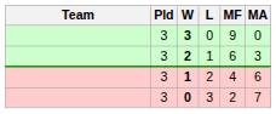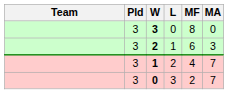 <table class=wikitable style="text-align:center">
 <tr>
 <th width=175>Team</th>
 <th width=20>Pld</th>
 <th width=20>W</th>
 <th width=20>L</th>
 <th width=20>MF</th>
 <th width=20>MA</th>
 </tr>
 <tr bgcolor=ccffcc>
 <td style="text-align:left"></td>
 <td>3</td>
 <td><strong>3</strong></td>
 <td>0</td>
-<td>9</td>
+<td>8</td>
 <td>0</td>
 </tr>
 <tr bgcolor=ccffcc style="border-bottom:2px solid green;">
 <td style="text-align:left"></td>
 <td>3</td>
 <td><strong>2</strong></td>
 <td>1</td>
 <td>6</td>
 <td>3</td>
 </tr>
 <tr bgcolor=ffcccc>
 <td style="text-align:left"></td>
 <td>3</td>
 <td><strong>1</strong></td>
 <td>2</td>
 <td>4</td>
-<td>6</td>
+<td>7</td>
 </tr>
 <tr bgcolor=ffcccc>
 <td style="text-align:left"></td>
 <td>3</td>
 <td><strong>0</strong></td>
 <td>3</td>
 <td>2</td>
 <td>7</td>
 </tr>
 </table>
